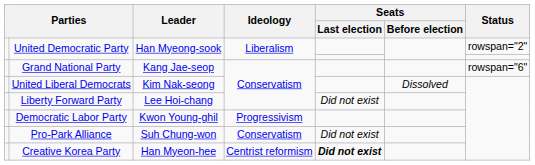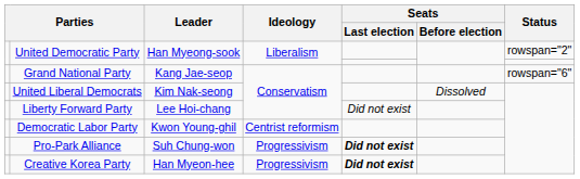 <table class=wikitable style=text-align:center>
 <tr>
 <th colspan="2" rowspan="2">Parties</th>
 <th rowspan="2">Leader</th>
 <th rowspan="2">Ideology</th>
 <th colspan="2">Seats</th>
 <th rowspan="2">Status</th>
 </tr>
 <tr>
 <th>Last election</th>
 <th>Before election</th>
 </tr>
 <tr>
 <td rowspan="2" style="background:"></td>
 <td rowspan="2"><a href='#'>United Democratic Party</a></td>
 <td rowspan="2"><a href='#'>Han Myeong-sook</a></td>
 <td rowspan="2"><a href='#'>Liberalism</a></td>
 <td></td>
 <td rowspan="2"></td>
 <td>rowspan="2" </td>
 </tr>
 <tr>
 <td></td>
 </tr>
 <tr>
 <td style="background:"></td>
 <td><a href='#'>Grand National Party</a></td>
 <td><a href='#'>Kang Jae-seop</a></td>
 <td rowspan="3"><a href='#'>Conservatism</a></td>
 <td></td>
 <td></td>
 <td>rowspan="6" </td>
 </tr>
 <tr>
 <td style="background:"></td>
 <td><a href='#'>United Liberal Democrats</a></td>
 <td><a href='#'>Kim Nak-seong</a></td>
 <td></td>
 <td><em>Dissolved</em></td>
 </tr>
 <tr>
 <td style="background:"></td>
 <td><a href='#'>Liberty Forward Party</a></td>
 <td><a href='#'>Lee Hoi-chang</a></td>
 <td><em>Did not exist</em></td>
 <td></td>
 </tr>
 <tr>
 <td style="background:"></td>
 <td><a href='#'>Democratic Labor Party</a></td>
 <td><a href='#'>Kwon Young-ghil</a></td>
-<td><a href='#'>Progressivism</a></td>
+<td><a href='#'>Centrist reformism</a></td>
 <td></td>
 <td></td>
 </tr>
 <tr>
 <td style="background:"></td>
 <td><a href='#'>Pro-Park Alliance</a></td>
 <td><a href='#'>Suh Chung-won</a></td>
-<td><a href='#'>Conservatism</a></td>
-<td><em>Did not exist</em></td>
+<td><a href='#'>Progressivism</a></td>
+<td><strong><em>Did not exist</em></strong></td>
 <td></td>
 </tr>
 <tr>
 <td style="background:"></td>
 <td><a href='#'>Creative Korea Party</a></td>
 <td><a href='#'>Han Myeon-hee</a></td>
-<td><a href='#'>Centrist reformism</a></td>
+<td><a href='#'>Progressivism</a></td>
 <td><strong><em>Did not exist</em></strong></td>
 <td></td>
 </tr>
 </table>
